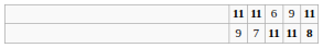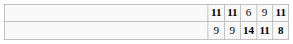 <table class="wikitable">
 <tr>
 <td style="width:18em"><strong></strong></td>
 <td align=center style="width:1em"><strong>11</strong></td>
 <td align=center style="width:1em"><strong>11</strong></td>
 <td align=center style="width:1em">6</td>
 <td align=center style="width:1em">9</td>
 <td align=center style="width:1em"><strong>11</strong></td>
 </tr>
 <tr>
 <td style="width:18em"></td>
 <td align=center style="width:1em">9</td>
-<td align=center style="width:1em">7</td>
-<td align=center style="width:1em"><strong>11</strong></td>
+<td align=center style="width:1em">9</td>
+<td align=center style="width:1em"><strong>14</strong></td>
 <td align=center style="width:1em"><strong>11</strong></td>
 <td align=center style="width:1em"><strong>8</strong></td>
 </tr>
 </table>
